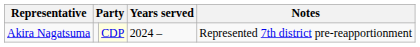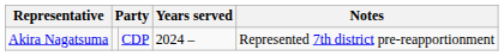 <table class="wikitable">
 <tr>
 <th>Representative</th>
 <th colspan="2">Party</th>
 <th>Years served</th>
 <th>Notes</th>
 </tr>
 <tr>
 <td><a href='#'>Akira Nagatsuma</a></td>
 <td bgcolor=></td>
-<td style="background: lightyellow;"><a href='#'>CDP</a></td>
+<td><a href='#'>CDP</a></td>
 <td>2024 –</td>
 <td>Represented <a href='#'>7th district</a> pre-reapportionment</td>
 </tr>
 </table>
